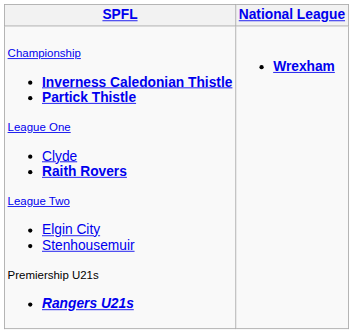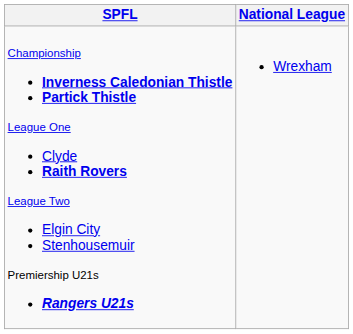 <table class="wikitable">
 <tr>
 <th> <a href='#'>SPFL</a></th>
 <th> <a href='#'>National League</a></th>
 </tr>
 <tr>
 <td valign=top><br><small><a href='#'>Championship</a></small><ul><li><strong><a href='#'>Inverness Caledonian Thistle</a></strong></li><li><strong><a href='#'>Partick Thistle</a></strong></li></ul><small><a href='#'>League One</a></small><ul><li><a href='#'>Clyde</a></li><li><strong><a href='#'>Raith Rovers</a></strong></li></ul><small><a href='#'>League Two</a></small><ul><li><a href='#'>Elgin City</a></li><li><a href='#'>Stenhousemuir</a></li></ul><small>Premiership U21s</small><ul><li><strong><em><a href='#'>Rangers U21s</a></em></strong></li></ul></td>
-<td valign=top><strong><br><ul><li><a href='#'>Wrexham</a></li></ul></strong></td>
+<td valign=top><br><ul><li><a href='#'>Wrexham</a></li></ul></td>
 </tr>
 </table>
